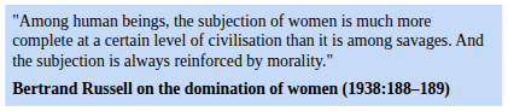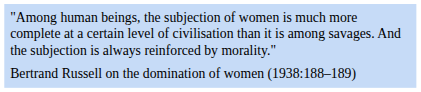 <table class="toccolours" style="float: right; margin-left: 1em; margin-right: 2em; font-size: 85%; background:#c6dbf7; color:black; width:30em; max-width: 40%;" cellspacing="5">
 <tr>
 <td style="text-align: left;">"Among human beings, the subjection of women is much more complete at a certain level of civilisation than it is among savages. And the subjection is always reinforced by morality."</td>
 </tr>
 <tr>
-<td style="text-align: left;"><strong>Bertrand Russell on the domination of women (1938:188–189)</strong></td>
+<td style="text-align: left;">Bertrand Russell on the domination of women (1938:188–189)</td>
 </tr>
 </table>
